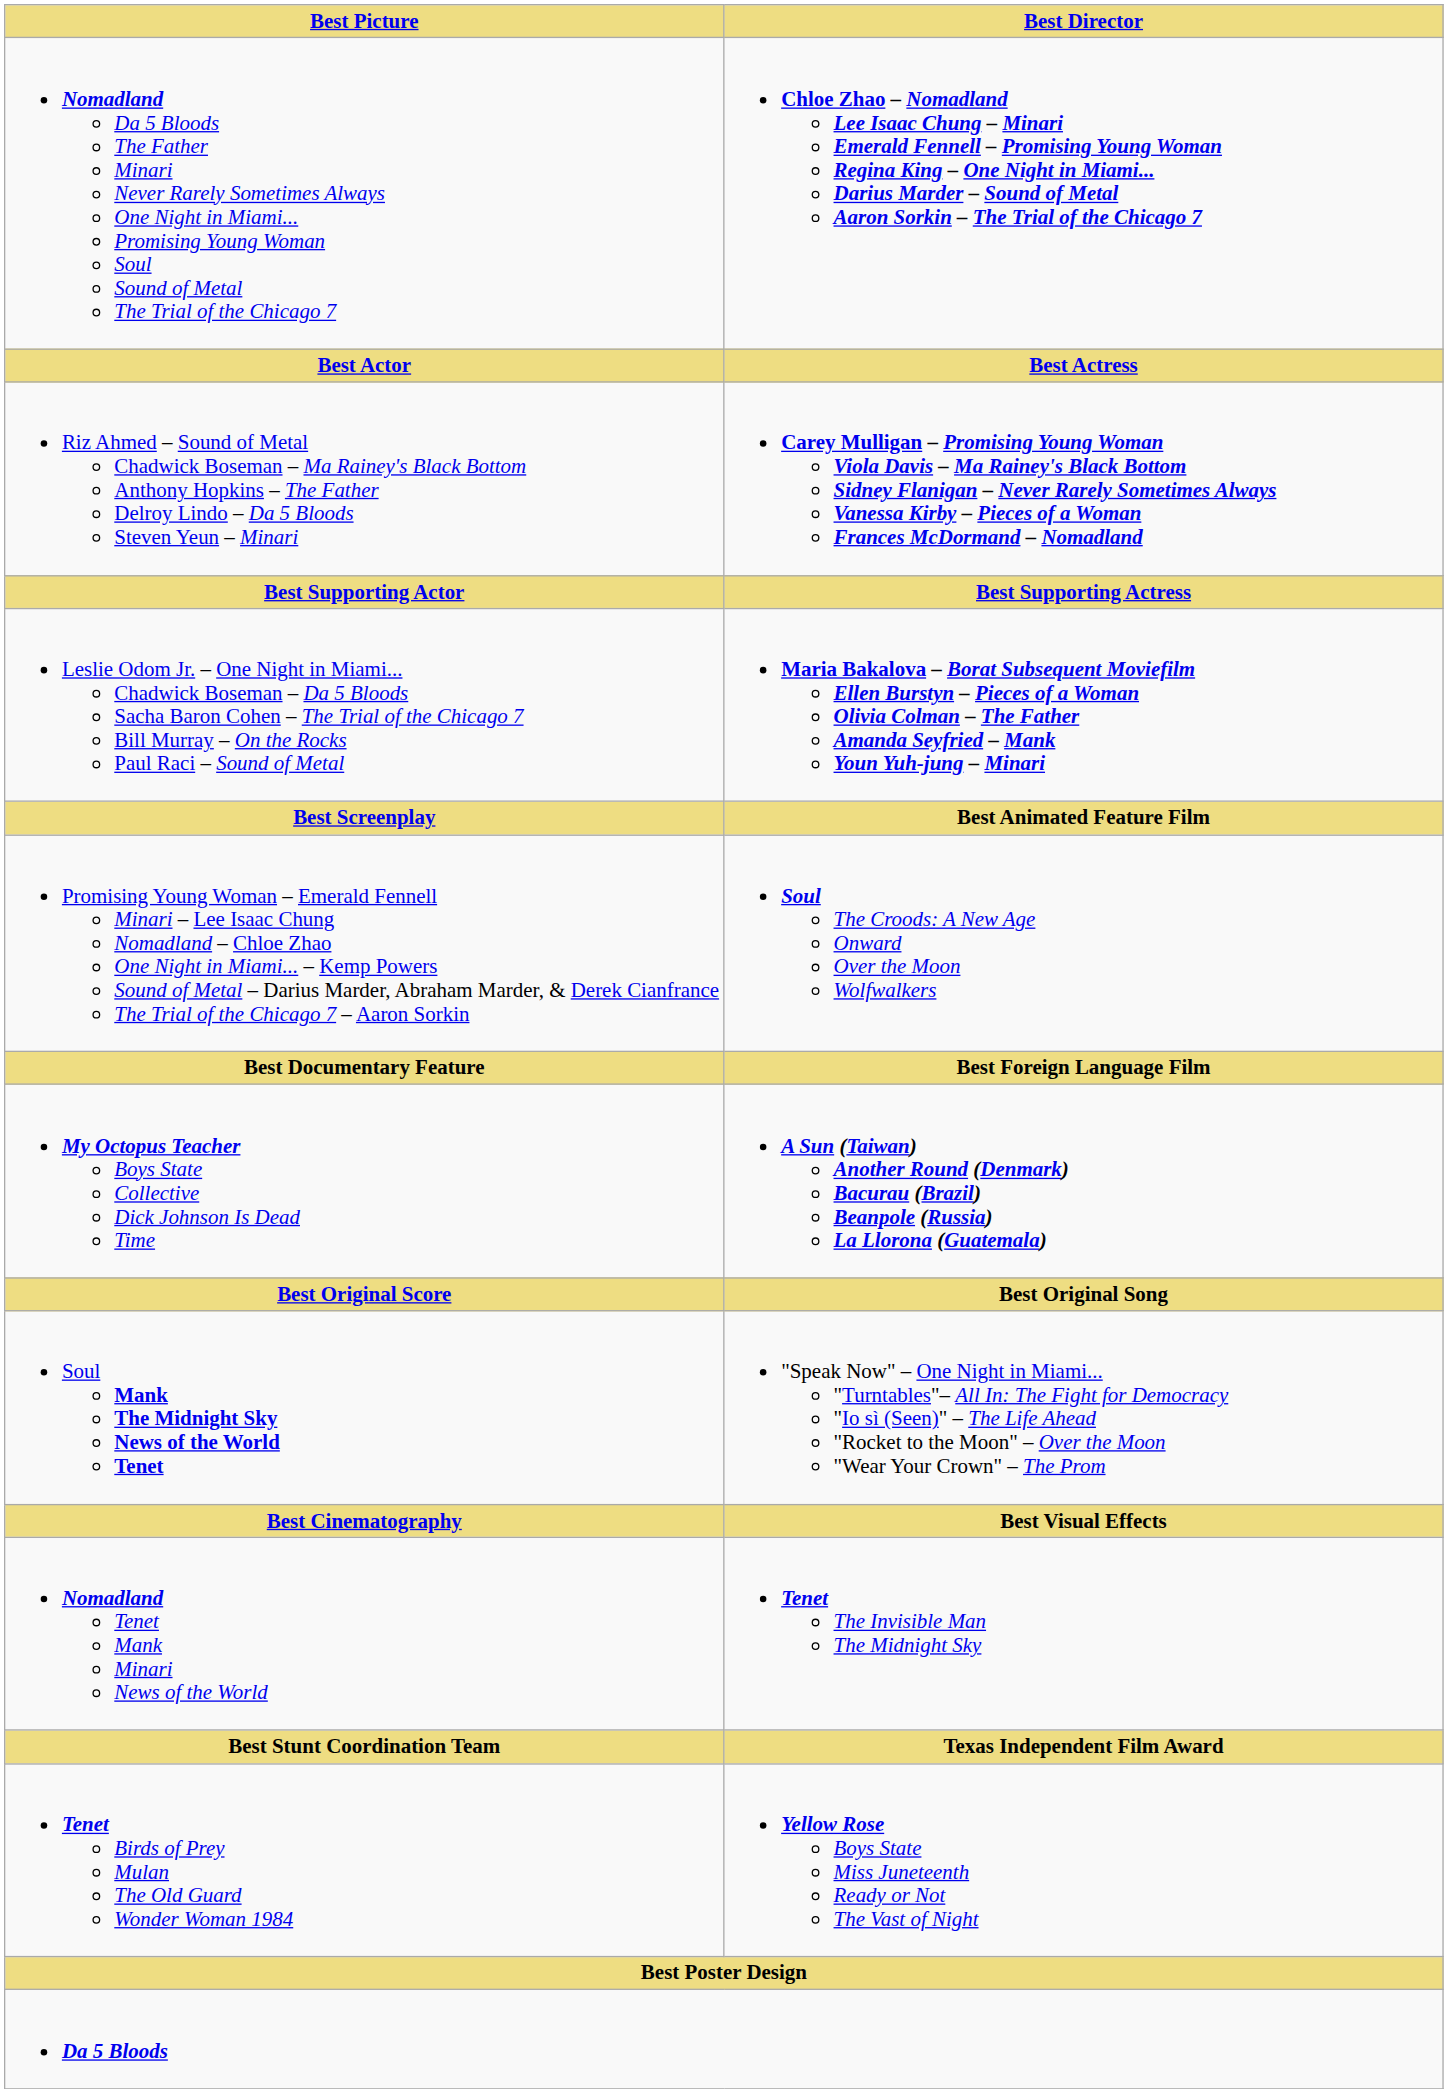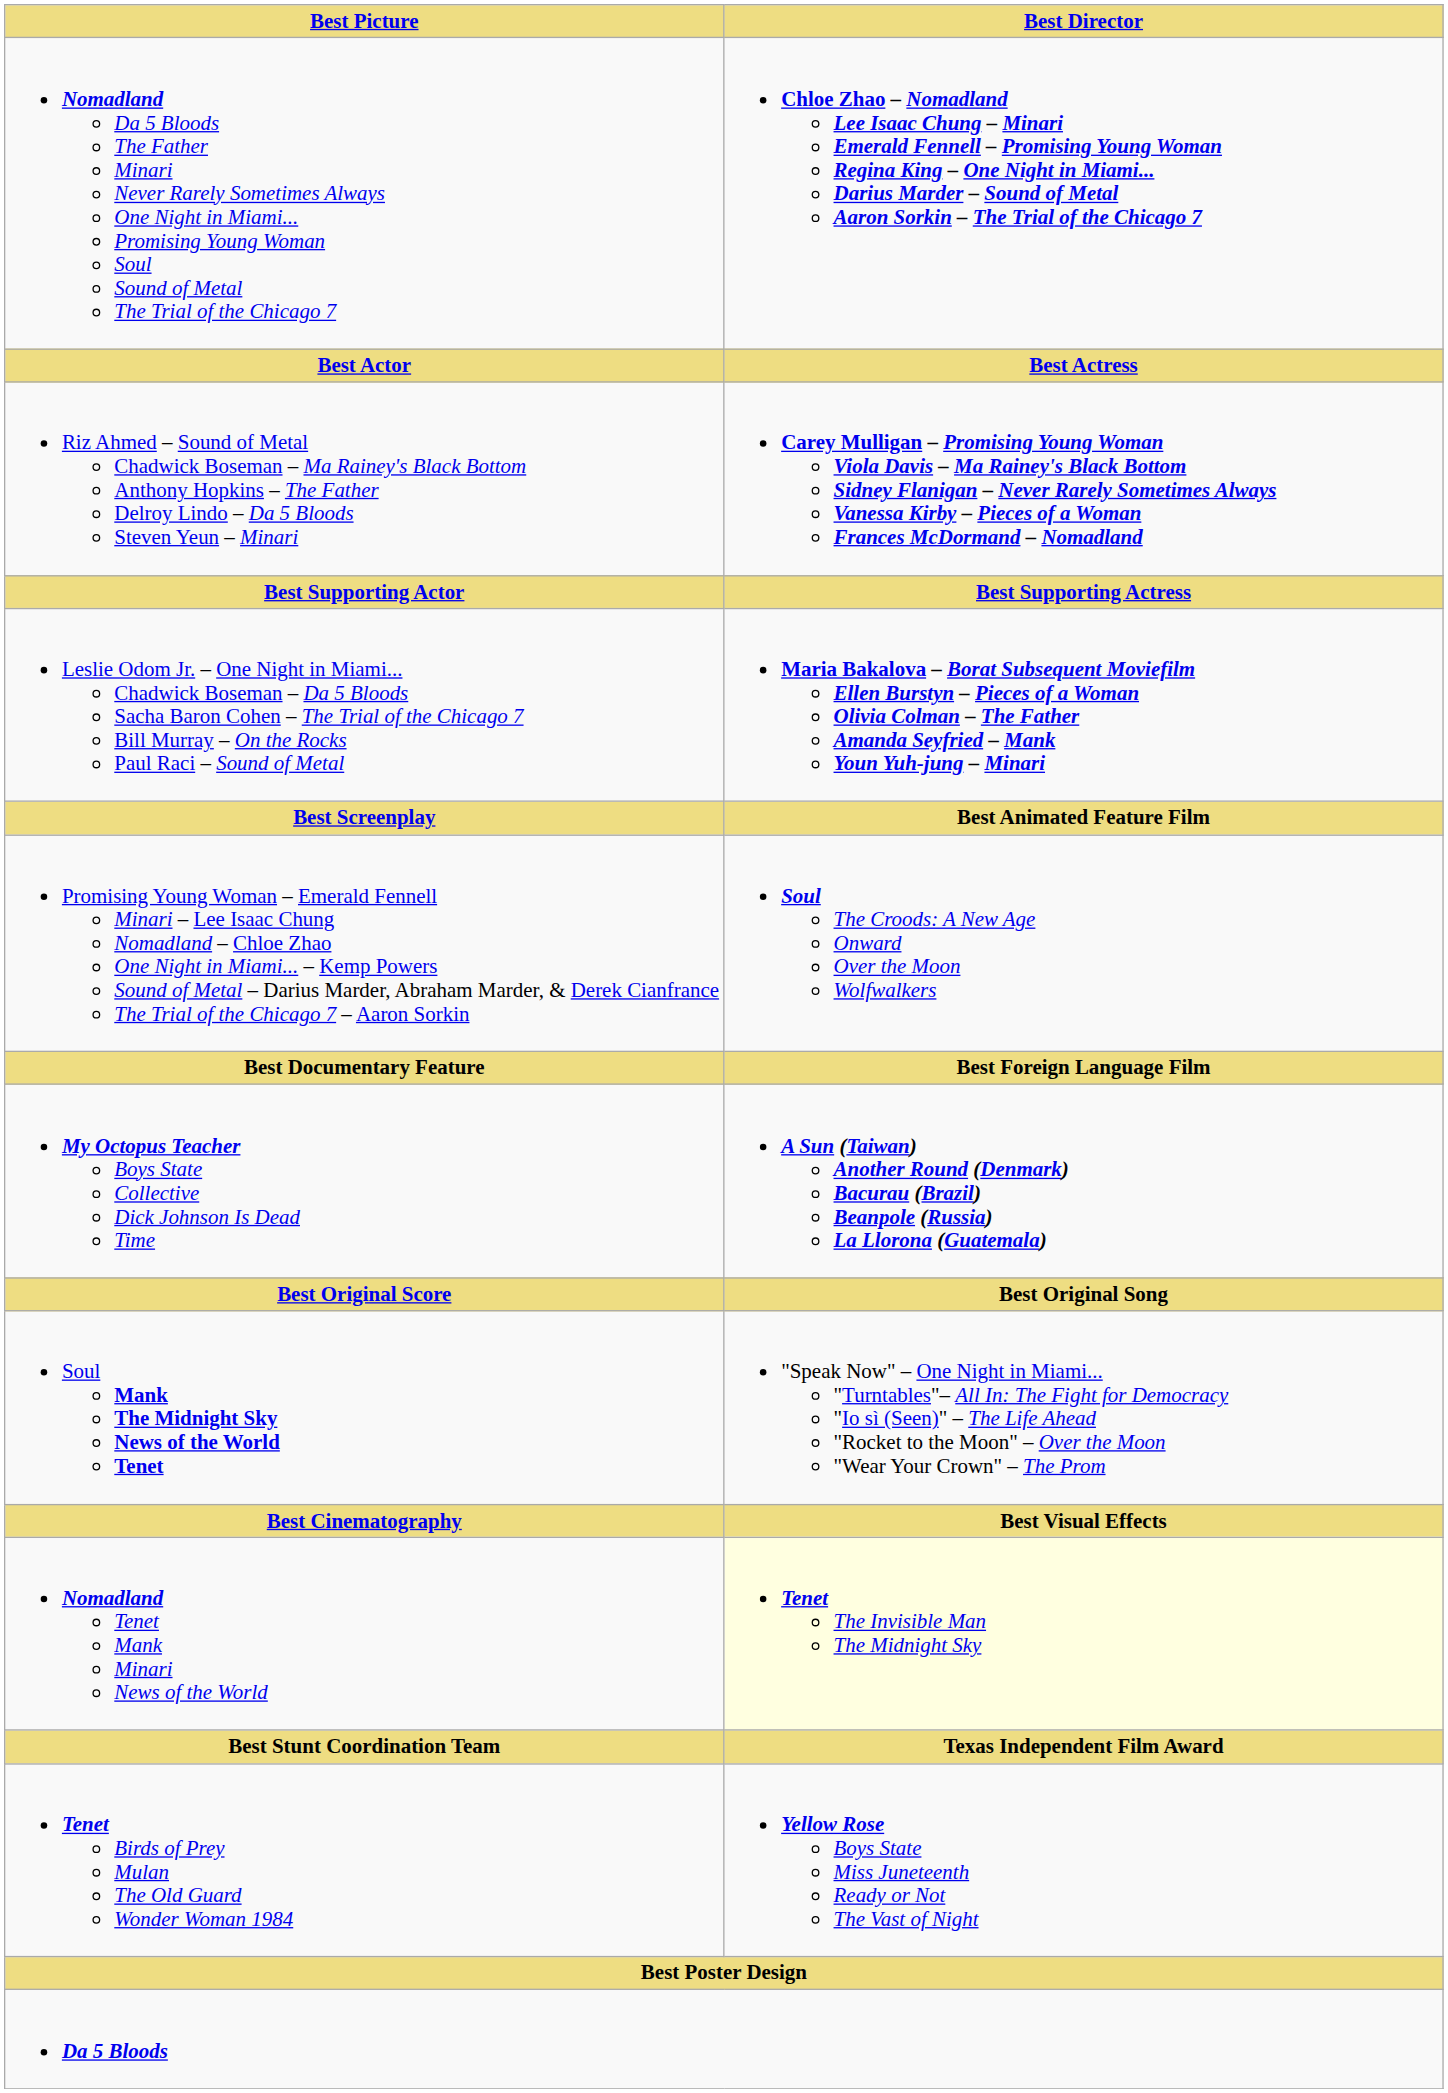 <table class="wikitable">
 <tr>
 <th style="background:#EEDD82;"><a href='#'>Best Picture</a></th>
 <th style="background:#EEDD82;"><a href='#'>Best Director</a></th>
 </tr>
 <tr>
 <td valign="top"><br><ul><li><strong><em><a href='#'>Nomadland</a></em></strong><ul><li><em><a href='#'>Da 5 Bloods</a></em></li><li><em><a href='#'>The Father</a></em></li><li><em><a href='#'>Minari</a></em></li><li><em><a href='#'>Never Rarely Sometimes Always</a></em></li><li><em><a href='#'>One Night in Miami...</a></em></li><li><em><a href='#'>Promising Young Woman</a></em></li><li><em><a href='#'>Soul</a></em></li><li><em><a href='#'>Sound of Metal</a></em></li><li><em><a href='#'>The Trial of the Chicago 7</a></em></li></ul></li></ul></td>
 <td valign="top"><br><ul><li><strong><a href='#'>Chloe Zhao</a> – <em><a href='#'>Nomadland</a><strong><em><ul><li><a href='#'>Lee Isaac Chung</a> – </em><a href='#'>Minari</a><em></li><li><a href='#'>Emerald Fennell</a> – </em><a href='#'>Promising Young Woman</a><em></li><li><a href='#'>Regina King</a> – </em><a href='#'>One Night in Miami...</a><em></li><li><a href='#'>Darius Marder</a> – </em><a href='#'>Sound of Metal</a><em></li><li><a href='#'>Aaron Sorkin</a> – </em><a href='#'>The Trial of the Chicago 7</a><em></li></ul></li></ul></td>
 </tr>
 <tr>
 <th style="background:#EEDD82;"><a href='#'>Best Actor</a></th>
 <th style="background:#EEDD82;"><a href='#'>Best Actress</a></th>
 </tr>
 <tr>
 <td valign="top"><br><ul><li></strong><a href='#'>Riz Ahmed</a> – </em><a href='#'>Sound of Metal</a></em></strong><ul><li><a href='#'>Chadwick Boseman</a> – <em><a href='#'>Ma Rainey's Black Bottom</a></em></li><li><a href='#'>Anthony Hopkins</a> – <em><a href='#'>The Father</a></em></li><li><a href='#'>Delroy Lindo</a> – <em><a href='#'>Da 5 Bloods</a></em></li><li><a href='#'>Steven Yeun</a> – <em><a href='#'>Minari</a></em></li></ul></li></ul></td>
 <td valign="top"><br><ul><li><strong><a href='#'>Carey Mulligan</a> – <em><a href='#'>Promising Young Woman</a><strong><em><ul><li><a href='#'>Viola Davis</a> – </em><a href='#'>Ma Rainey's Black Bottom</a><em></li><li><a href='#'>Sidney Flanigan</a> – </em><a href='#'>Never Rarely Sometimes Always</a><em></li><li><a href='#'>Vanessa Kirby</a> – </em><a href='#'>Pieces of a Woman</a><em></li><li><a href='#'>Frances McDormand</a> – </em><a href='#'>Nomadland</a><em></li></ul></li></ul></td>
 </tr>
 <tr>
 <th style="background:#EEDD82; width:50%"><a href='#'>Best Supporting Actor</a></th>
 <th style="background:#EEDD82; width:50%"><a href='#'>Best Supporting Actress</a></th>
 </tr>
 <tr>
 <td valign="top"><br><ul><li></strong><a href='#'>Leslie Odom Jr.</a> – </em><a href='#'>One Night in Miami...</a></em></strong><ul><li><a href='#'>Chadwick Boseman</a> – <em><a href='#'>Da 5 Bloods</a></em></li><li><a href='#'>Sacha Baron Cohen</a> – <em><a href='#'>The Trial of the Chicago 7</a></em></li><li><a href='#'>Bill Murray</a> – <em><a href='#'>On the Rocks</a></em></li><li><a href='#'>Paul Raci</a> – <em><a href='#'>Sound of Metal</a></em></li></ul></li></ul></td>
 <td valign="top"><br><ul><li><strong><a href='#'>Maria Bakalova</a> – <em><a href='#'>Borat Subsequent Moviefilm</a><strong><em><ul><li><a href='#'>Ellen Burstyn</a> – </em><a href='#'>Pieces of a Woman</a><em></li><li><a href='#'>Olivia Colman</a> – </em><a href='#'>The Father</a><em></li><li><a href='#'>Amanda Seyfried</a> – </em><a href='#'>Mank</a><em></li><li><a href='#'>Youn Yuh-jung</a> – </em><a href='#'>Minari</a><em></li></ul></li></ul></td>
 </tr>
 <tr>
 <th style="background:#EEDD82;"><a href='#'>Best Screenplay</a></th>
 <th style="background:#EEDD82;">Best Animated Feature Film</th>
 </tr>
 <tr>
 <td valign="top"><br><ul><li></em></strong><a href='#'>Promising Young Woman</a></em> – <a href='#'>Emerald Fennell</a></strong><ul><li><em><a href='#'>Minari</a></em> – <a href='#'>Lee Isaac Chung</a></li><li><em><a href='#'>Nomadland</a></em> – <a href='#'>Chloe Zhao</a></li><li><em><a href='#'>One Night in Miami...</a></em> – <a href='#'>Kemp Powers</a></li><li><em><a href='#'>Sound of Metal</a></em> – Darius Marder, Abraham Marder, & <a href='#'>Derek Cianfrance</a></li><li><em><a href='#'>The Trial of the Chicago 7</a></em> – <a href='#'>Aaron Sorkin</a></li></ul></li></ul></td>
 <td valign="top"><br><ul><li><strong><em><a href='#'>Soul</a></em></strong><ul><li><em><a href='#'>The Croods: A New Age</a></em></li><li><em><a href='#'>Onward</a></em></li><li><em><a href='#'>Over the Moon</a></em></li><li><em><a href='#'>Wolfwalkers</a></em></li></ul></li></ul></td>
 </tr>
 <tr>
 <th style="background:#EEDD82;">Best Documentary Feature</th>
 <th style="background:#EEDD82;">Best Foreign Language Film</th>
 </tr>
 <tr>
 <td valign="top"><br><ul><li><strong><em><a href='#'>My Octopus Teacher</a></em></strong><ul><li><em><a href='#'>Boys State</a></em></li><li><em><a href='#'>Collective</a></em></li><li><em><a href='#'>Dick Johnson Is Dead</a></em></li><li><em><a href='#'>Time</a></em></li></ul></li></ul></td>
 <td valign="top"><br><ul><li><strong><em><a href='#'>A Sun</a><em> (<a href='#'>Taiwan</a>)<strong><ul><li></em><a href='#'>Another Round</a><em> (<a href='#'>Denmark</a>)</li><li></em><a href='#'>Bacurau</a><em> (<a href='#'>Brazil</a>)</li><li></em><a href='#'>Beanpole</a><em> (<a href='#'>Russia</a>)</li><li></em><a href='#'>La Llorona</a><em> (<a href='#'>Guatemala</a>)</li></ul></li></ul></td>
 </tr>
 <tr>
 <th style="background:#EEDD82;"><a href='#'>Best Original Score</a></th>
 <th style="background:#EEDD82;">Best Original Song</th>
 </tr>
 <tr>
 <td valign="top"><br><ul><li></em></strong><a href='#'>Soul</a><strong><em><ul><li></em><a href='#'>Mank</a><em></li><li></em><a href='#'>The Midnight Sky</a><em></li><li></em><a href='#'>News of the World</a><em></li><li></em><a href='#'>Tenet</a><em></li></ul></li></ul></td>
 <td valign="top"><br><ul><li></strong>"Speak Now" – </em><a href='#'>One Night in Miami...</a></em></strong><ul><li>"<a href='#'>Turntables</a>"– <em><a href='#'>All In: The Fight for Democracy</a></em></li><li>"<a href='#'>Io sì (Seen)</a>" – <em><a href='#'>The Life Ahead</a></em></li><li>"Rocket to the Moon" – <em><a href='#'>Over the Moon</a></em></li><li>"Wear Your Crown" – <em><a href='#'>The Prom</a></em></li></ul></li></ul></td>
 </tr>
 <tr>
 <th style="background:#EEDD82;"><a href='#'>Best Cinematography</a></th>
 <th style="background:#EEDD82;">Best Visual Effects</th>
 </tr>
 <tr>
 <td valign="top"><br><ul><li><strong><em><a href='#'>Nomadland</a></em></strong><ul><li><em><a href='#'>Tenet</a></em></li><li><em><a href='#'>Mank</a></em></li><li><em><a href='#'>Minari</a></em></li><li><em><a href='#'>News of the World</a></em></li></ul></li></ul></td>
-<td valign="top"><br><ul><li><strong><em><a href='#'>Tenet</a></em></strong><ul><li><em><a href='#'>The Invisible Man</a></em></li><li><em><a href='#'>The Midnight Sky</a></em></li></ul></li></ul></td>
+<td valign="top" style="background: lightyellow;"><br><ul><li><strong><em><a href='#'>Tenet</a></em></strong><ul><li><em><a href='#'>The Invisible Man</a></em></li><li><em><a href='#'>The Midnight Sky</a></em></li></ul></li></ul></td>
 </tr>
 <tr>
 <th style="background:#EEDD82; width:50%">Best Stunt Coordination Team</th>
 <th style="background:#EEDD82; width:50%">Texas Independent Film Award</th>
 </tr>
 <tr>
 <td valign="top"><br><ul><li><strong><em><a href='#'>Tenet</a></em></strong><ul><li><em><a href='#'>Birds of Prey</a></em></li><li><em><a href='#'>Mulan</a></em></li><li><em><a href='#'>The Old Guard</a></em></li><li><em><a href='#'>Wonder Woman 1984</a></em></li></ul></li></ul></td>
 <td valign="top"><br><ul><li><strong><em><a href='#'>Yellow Rose</a></em></strong><ul><li><em><a href='#'>Boys State</a></em></li><li><em><a href='#'>Miss Juneteenth</a></em></li><li><em><a href='#'>Ready or Not</a></em></li><li><em><a href='#'>The Vast of Night</a></em></li></ul></li></ul></td>
 </tr>
 <tr>
 <th style="background:#EEDD82; width=50%"colspan="2">Best Poster Design</th>
 </tr>
 <tr>
 <td valign="top" colspan="2"><br><ul><li><strong><em><a href='#'>Da 5 Bloods</a></em></strong></li></ul></td>
 </tr>
 </table>
